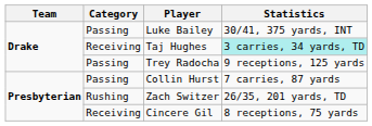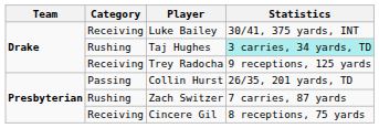 <table class="wikitable" style="float: right;">
 <tr>
 <th>Team</th>
 <th>Category</th>
 <th>Player</th>
 <th>Statistics</th>
 </tr>
 <tr>
 <td rowspan=3><strong>Drake</strong></td>
-<td>Passing</td>
+<td>Receiving</td>
 <td>Luke Bailey</td>
 <td>30/41, 375 yards, INT</td>
 </tr>
 <tr>
-<td>Receiving</td>
+<td>Rushing</td>
 <td>Taj Hughes</td>
 <td style="background: paleturquoise;">3 carries, 34 yards, TD</td>
 </tr>
 <tr>
-<td>Passing</td>
+<td>Receiving</td>
 <td>Trey Radocha</td>
 <td>9 receptions, 125 yards</td>
 </tr>
 <tr>
 <td rowspan=3><strong>Presbyterian</strong></td>
 <td>Passing</td>
 <td>Collin Hurst</td>
-<td>7 carries, 87 yards</td>
+<td>26/35, 201 yards, TD</td>
 </tr>
 <tr>
 <td>Rushing</td>
 <td>Zach Switzer</td>
-<td>26/35, 201 yards, TD</td>
+<td>7 carries, 87 yards</td>
 </tr>
 <tr>
 <td>Receiving</td>
 <td>Cincere Gil</td>
 <td>8 receptions, 75 yards</td>
 </tr>
 </table>
